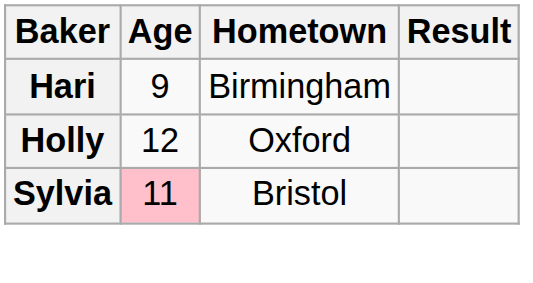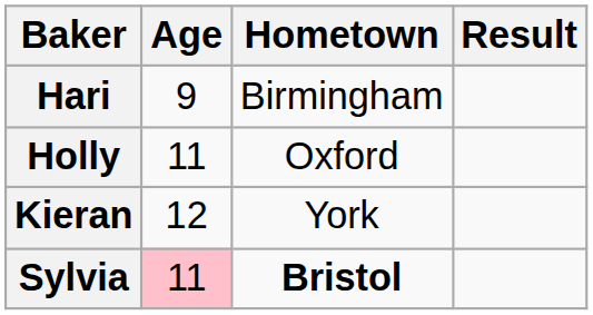 <table class="wikitable sortable" style="display:inline-table; text-align:center">
 <tr>
 <th scope="col">Baker</th>
 <th scope="col">Age</th>
 <th scope="col">Hometown</th>
 <th scope="col">Result</th>
 </tr>
 <tr>
 <th scope="row">Hari</th>
 <td>9</td>
 <td>Birmingham</td>
 <td></td>
 </tr>
 <tr>
 <th scope="row">Holly</th>
+<td>11</td>
+<td>Oxford</td>
+<td></td>
+</tr>
+<tr>
+<th scope="row">Kieran</th>
 <td>12</td>
-<td>Oxford</td>
+<td>York</td>
 <td></td>
 </tr>
 <tr>
 <th scope="row">Sylvia</th>
 <td style="background: pink;">11</td>
-<td>Bristol</td>
+<td><strong>Bristol</strong></td>
 <td></td>
 </tr>
 </table>
